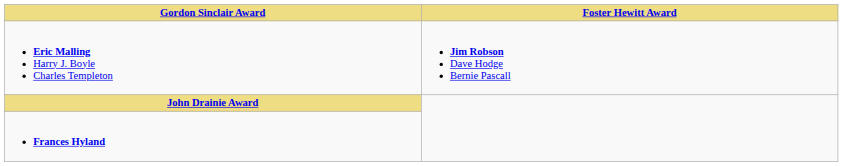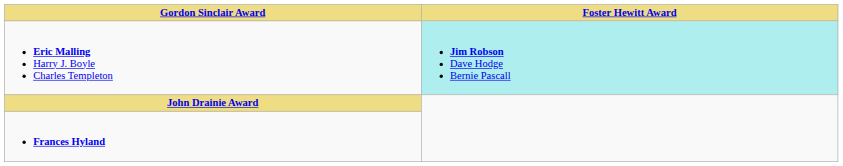 <table class=wikitable width="100%">
 <tr>
 <th style="background:#EEDD82; width:50%"><a href='#'>Gordon Sinclair Award</a></th>
 <th style="background:#EEDD82; width:50%"><a href='#'>Foster Hewitt Award</a></th>
 </tr>
 <tr>
 <td valign="top"><br><ul><li> <strong><a href='#'>Eric Malling</a></strong></li><li><a href='#'>Harry J. Boyle</a></li><li><a href='#'>Charles Templeton</a></li></ul></td>
-<td valign="top"><br><ul><li> <strong><a href='#'>Jim Robson</a></strong></li><li><a href='#'>Dave Hodge</a></li><li><a href='#'>Bernie Pascall</a></li></ul></td>
+<td valign="top" style="background: paleturquoise;"><br><ul><li> <strong><a href='#'>Jim Robson</a></strong></li><li><a href='#'>Dave Hodge</a></li><li><a href='#'>Bernie Pascall</a></li></ul></td>
 </tr>
 <tr>
 <th style="background:#EEDD82; width:50%"><a href='#'>John Drainie Award</a></th>
 </tr>
 <tr>
 <td valign="top"><br><ul><li> <strong><a href='#'>Frances Hyland</a></strong></li></ul></td>
 </tr>
 </table>
